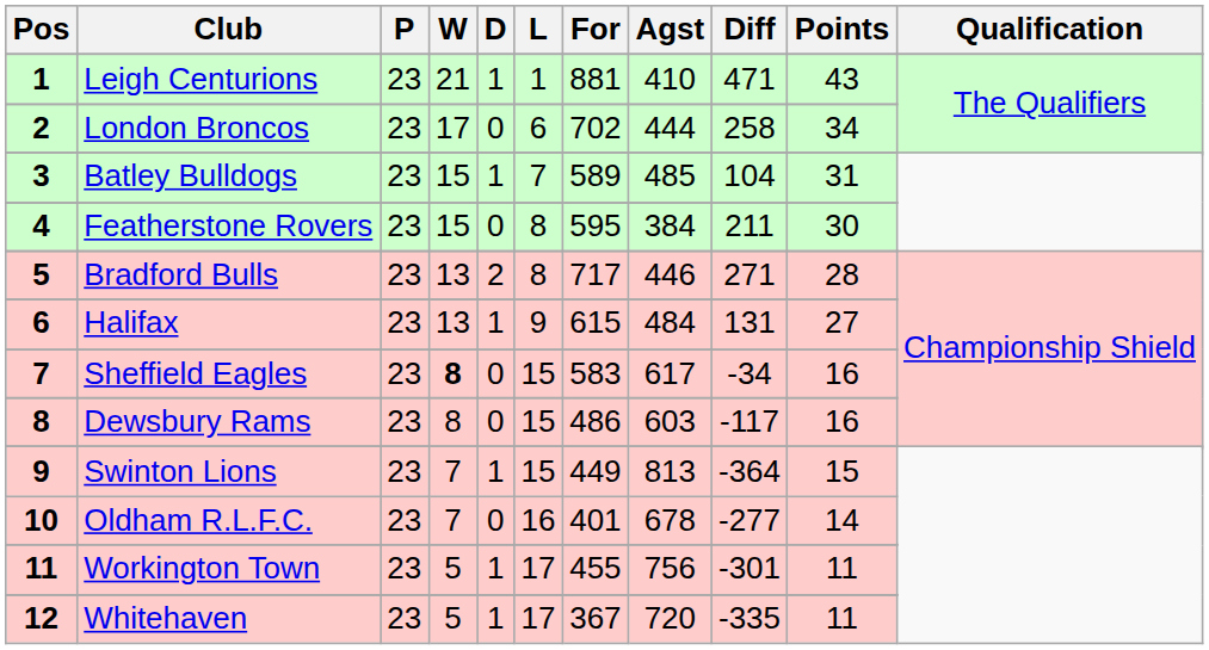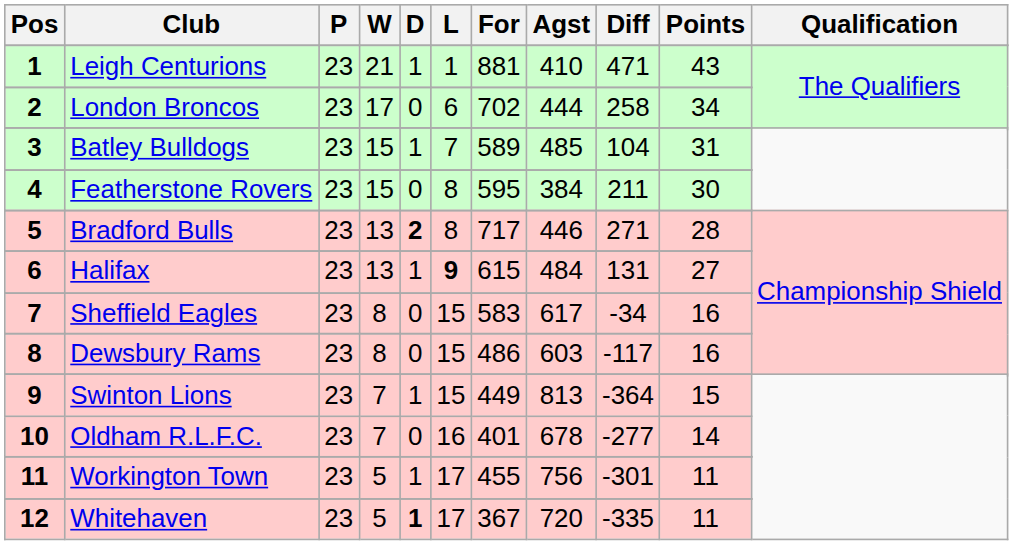 <table class="wikitable" style="text-align:center;">
 <tr>
 <th><strong>Pos</strong></th>
 <th><strong>Club</strong></th>
 <th><strong>P</strong></th>
 <th><strong>W</strong></th>
 <th><strong>D</strong></th>
 <th><strong>L</strong></th>
 <th><strong>For</strong></th>
 <th><strong>Agst</strong></th>
 <th><strong>Diff</strong></th>
 <th><strong>Points</strong></th>
 <th><strong>Qualification</strong></th>
 </tr>
 <tr --->
 </tr>
 <tr align=center style="background:#ccffcc;">
 <td><strong>1</strong></td>
 <td style="text-align:left;"> <a href='#'>Leigh Centurions</a></td>
 <td>23</td>
 <td>21</td>
 <td>1</td>
 <td>1</td>
 <td>881</td>
 <td>410</td>
 <td>471</td>
 <td>43</td>
 <td rowspan=4><a href='#'>The Qualifiers</a></td>
 </tr>
 <tr --->
 </tr>
 <tr align=center style="background:#ccffcc;">
 <td><strong>2</strong></td>
 <td style="text-align:left;"> <a href='#'>London Broncos</a></td>
 <td>23</td>
 <td>17</td>
 <td>0</td>
 <td>6</td>
 <td>702</td>
 <td>444</td>
 <td>258</td>
 <td>34</td>
 </tr>
 <tr -->
 </tr>
 <tr align=center style="background:#ccffcc;">
 <td><strong>3</strong></td>
 <td style="text-align:left;"> <a href='#'>Batley Bulldogs</a></td>
 <td>23</td>
 <td>15</td>
 <td>1</td>
 <td>7</td>
 <td>589</td>
 <td>485</td>
 <td>104</td>
 <td>31</td>
 </tr>
 <tr --->
 </tr>
 <tr align=center style="background:#ccffcc">
 <td><strong>4</strong></td>
 <td style="text-align:left;"> <a href='#'>Featherstone Rovers</a></td>
 <td>23</td>
 <td>15</td>
 <td>0</td>
 <td>8</td>
 <td>595</td>
 <td>384</td>
 <td>211</td>
 <td>30</td>
 </tr>
 <tr --->
 </tr>
 <tr align=center style="background:#FFCCCC;">
 <td><strong>5</strong></td>
 <td style="text-align:left;"> <a href='#'>Bradford Bulls</a></td>
 <td>23</td>
 <td>13</td>
-<td>2</td>
+<td><strong>2</strong></td>
 <td>8</td>
 <td>717</td>
 <td>446</td>
 <td>271</td>
 <td>28</td>
 <td rowspan=8><a href='#'>Championship Shield</a></td>
 </tr>
 <tr --->
 </tr>
 <tr align=center style="background:#FFCCCC">
 <td><strong>6</strong></td>
 <td style="text-align:left;"> <a href='#'>Halifax</a></td>
 <td>23</td>
 <td>13</td>
 <td>1</td>
-<td>9</td>
+<td><strong>9</strong></td>
 <td>615</td>
 <td>484</td>
 <td>131</td>
 <td>27</td>
 </tr>
 <tr --->
 </tr>
 <tr align=center style="background:#FFCCCC">
 <td><strong>7</strong></td>
 <td style="text-align:left;"> <a href='#'>Sheffield Eagles</a></td>
 <td>23</td>
-<td><strong>8</strong></td>
+<td>8</td>
 <td>0</td>
 <td>15</td>
 <td>583</td>
 <td>617</td>
 <td>-34</td>
 <td>16</td>
 </tr>
 <tr --->
 </tr>
 <tr align=center style="background:#FFCCCC">
 <td><strong>8</strong></td>
 <td style="text-align:left;"> <a href='#'>Dewsbury Rams</a></td>
 <td>23</td>
 <td>8</td>
 <td>0</td>
 <td>15</td>
 <td>486</td>
 <td>603</td>
 <td>-117</td>
 <td>16</td>
 </tr>
 <tr --->
 </tr>
 <tr align=center style="background:#FFCCCC">
 <td><strong>9</strong></td>
 <td style="text-align:left;"> <a href='#'>Swinton Lions</a></td>
 <td>23</td>
 <td>7</td>
 <td>1</td>
 <td>15</td>
 <td>449</td>
 <td>813</td>
 <td>-364</td>
 <td>15</td>
 </tr>
 <tr align=center style="background:#FFCCCC">
 <td><strong>10</strong></td>
 <td style="text-align:left;"> <a href='#'>Oldham R.L.F.C.</a></td>
 <td>23</td>
 <td>7</td>
 <td>0</td>
 <td>16</td>
 <td>401</td>
 <td>678</td>
 <td>-277</td>
 <td>14</td>
 </tr>
 <tr --->
 </tr>
 <tr align=center style="background:#FFCCCC">
 <td><strong>11</strong></td>
 <td style="text-align:left;"> <a href='#'>Workington Town</a></td>
 <td>23</td>
 <td>5</td>
 <td>1</td>
 <td>17</td>
 <td>455</td>
 <td>756</td>
 <td>-301</td>
 <td>11</td>
 </tr>
 <tr --->
 </tr>
 <tr align=center style="background:#FFCCCC;">
 <td><strong>12</strong></td>
 <td style="text-align:left;"> <a href='#'>Whitehaven</a></td>
 <td>23</td>
 <td>5</td>
-<td>1</td>
+<td><strong>1</strong></td>
 <td>17</td>
 <td>367</td>
 <td>720</td>
 <td>-335</td>
 <td>11</td>
 </tr>
 </table>
